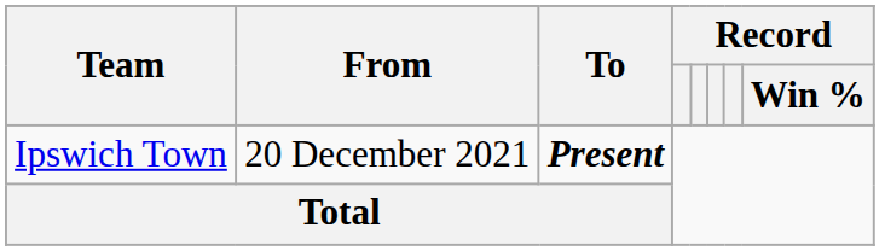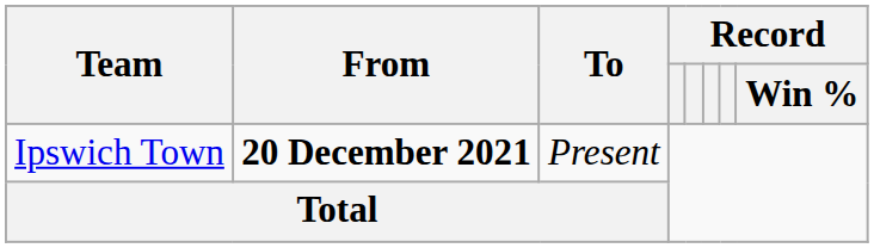 <table class=wikitable style=text-align:center>
 <tr>
 <th rowspan=2>Team</th>
 <th rowspan=2>From</th>
 <th rowspan=2>To</th>
 <th colspan=7>Record</th>
 </tr>
 <tr>
 <th></th>
 <th></th>
 <th></th>
 <th></th>
 <th>Win %</th>
 </tr>
 <tr>
 <td align=left><a href='#'>Ipswich Town</a></td>
-<td align=left>20 December 2021</td>
-<td align=left><strong><em>Present</em><br></strong></td>
+<td align=left><strong>20 December 2021</strong></td>
+<td align=left><em>Present</em><br></td>
 </tr>
 <tr>
 <th colspan=3>Total<br></th>
 </tr>
 </table>
